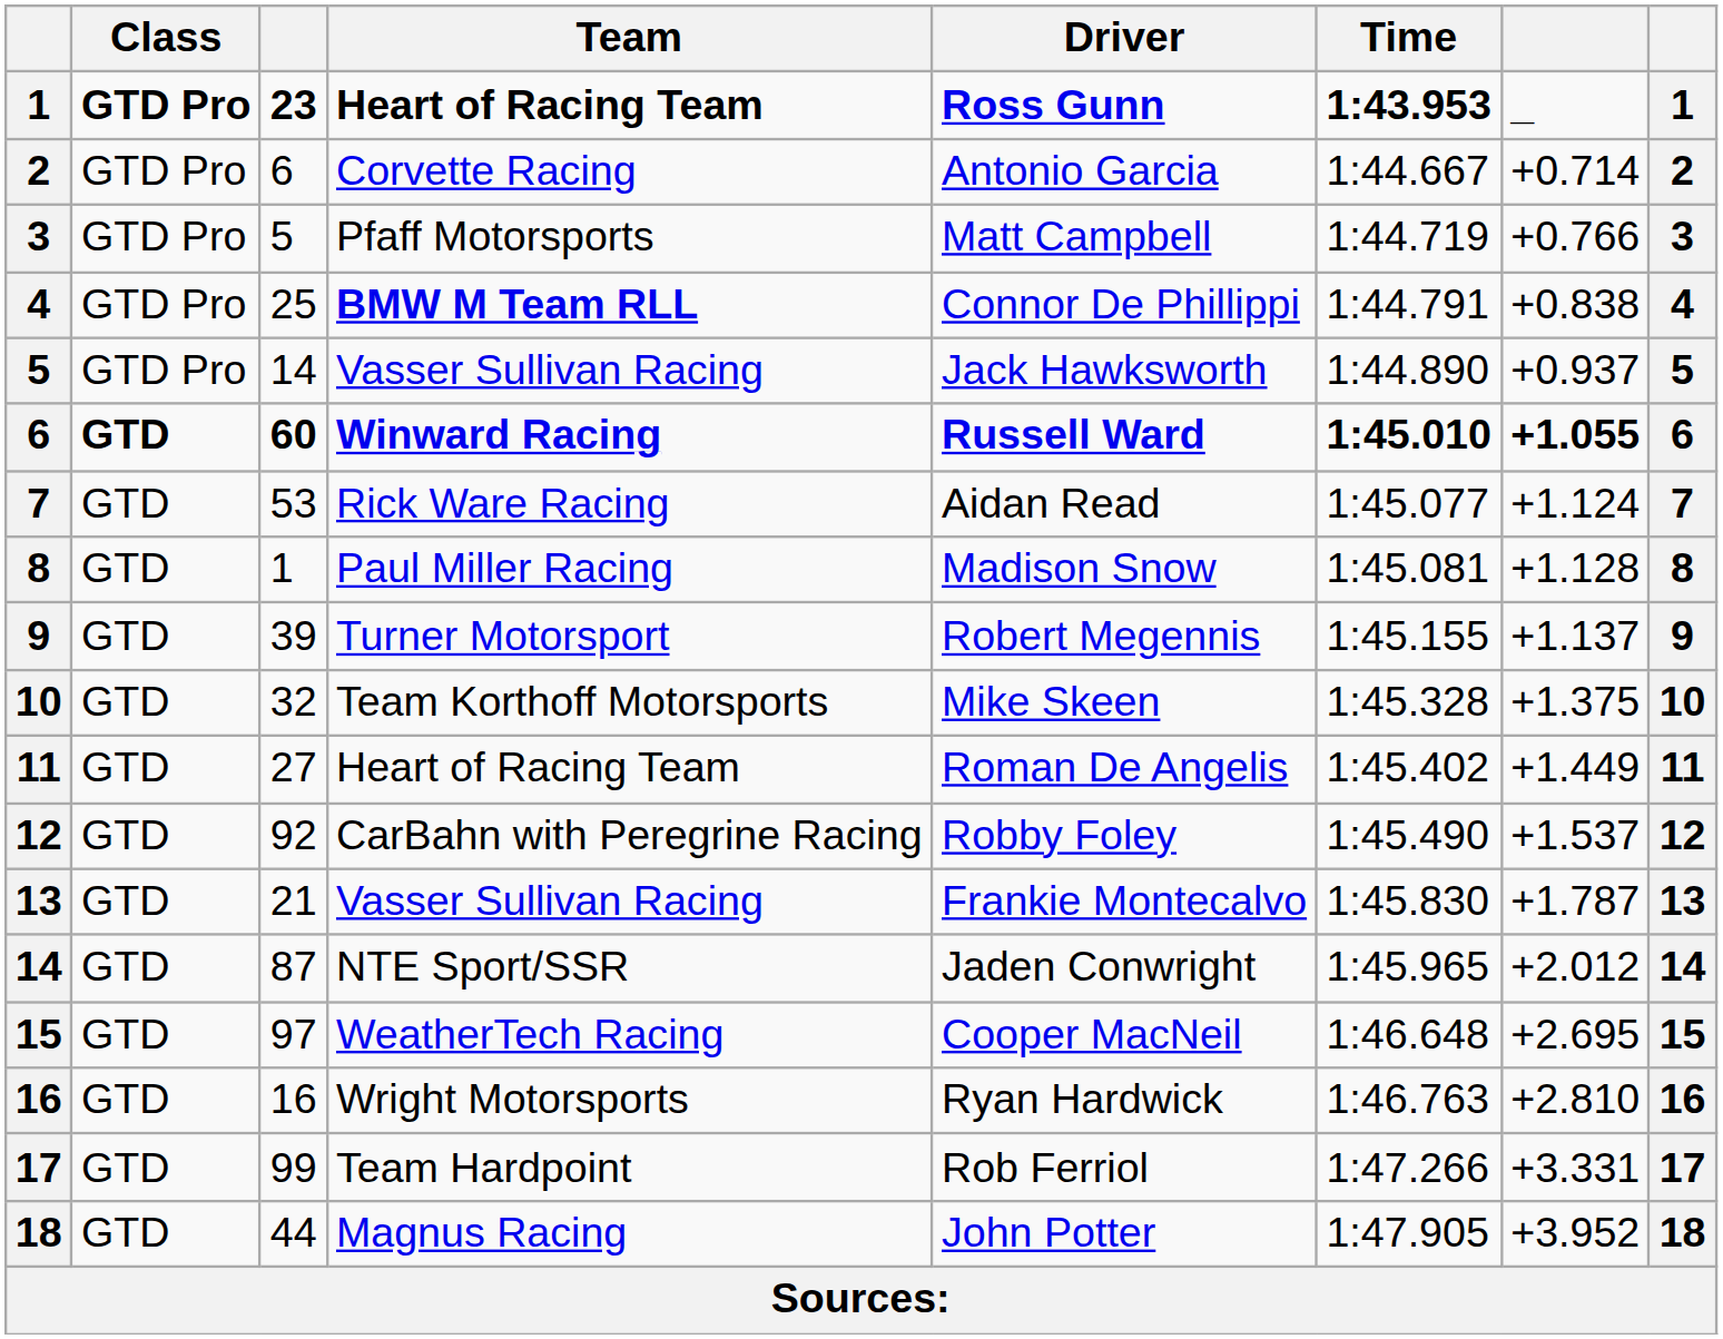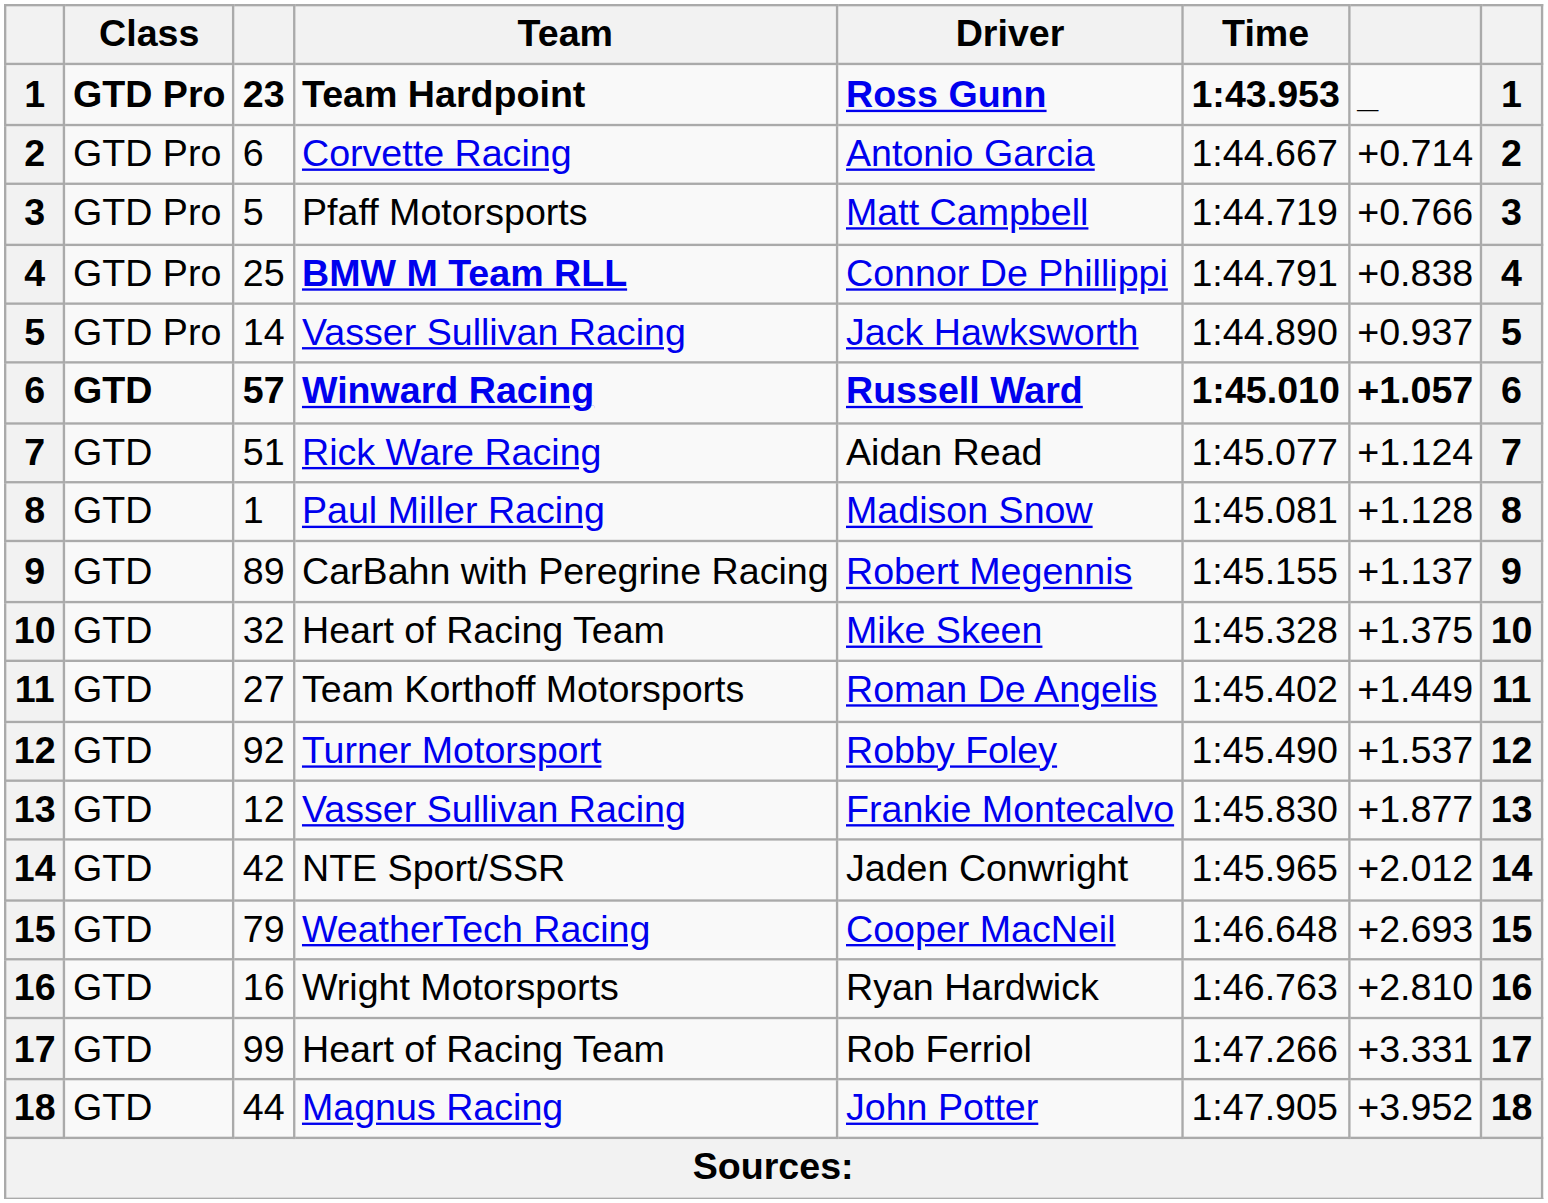 <table class="wikitable">
 <tr>
 <th scope="col"></th>
 <th scope="col">Class</th>
 <th scope="col"></th>
 <th scope="col">Team</th>
 <th scope="col">Driver</th>
 <th scope="col">Time</th>
 <th scope="col"></th>
 <th scope="col"></th>
 </tr>
 <tr style="font-weight:bold">
 <th scope="row">1</th>
 <td>GTD Pro</td>
 <td>23</td>
-<td> Heart of Racing Team</td>
+<td> Team Hardpoint</td>
 <td> <a href='#'>Ross Gunn</a></td>
 <td>1:43.953</td>
 <td>_</td>
 <th><strong>1</strong></th>
 </tr>
 <tr>
 <th scope="row">2</th>
 <td>GTD Pro</td>
 <td>6</td>
 <td> <a href='#'>Corvette Racing</a></td>
 <td> <a href='#'>Antonio Garcia</a></td>
 <td>1:44.667</td>
 <td>+0.714</td>
 <th>2</th>
 </tr>
 <tr>
 <th scope="row">3</th>
 <td>GTD Pro</td>
 <td>5</td>
 <td> Pfaff Motorsports</td>
 <td> <a href='#'>Matt Campbell</a></td>
 <td>1:44.719</td>
 <td>+0.766</td>
 <th>3</th>
 </tr>
 <tr>
 <th scope="row">4</th>
 <td>GTD Pro</td>
 <td>25</td>
 <td><strong> <a href='#'>BMW M Team RLL</a></strong></td>
 <td> <a href='#'>Connor De Phillippi</a></td>
 <td>1:44.791</td>
 <td>+0.838</td>
 <th><strong>4</strong></th>
 </tr>
 <tr>
 <th scope="row">5</th>
 <td>GTD Pro</td>
 <td>14</td>
 <td> <a href='#'>Vasser Sullivan Racing</a></td>
 <td> <a href='#'>Jack Hawksworth</a></td>
 <td>1:44.890</td>
 <td>+0.937</td>
 <th>5</th>
 </tr>
 <tr style="font-weight:bold">
 <th scope="row">6</th>
 <td>GTD</td>
-<td>60</td>
+<td>57</td>
 <td> <a href='#'>Winward Racing</a></td>
 <td> <a href='#'>Russell Ward</a></td>
 <td>1:45.010</td>
-<td>+1.055</td>
+<td>+1.057</td>
 <th>6</th>
 </tr>
 <tr>
 <th scope="row">7</th>
 <td>GTD</td>
-<td>53</td>
+<td>51</td>
 <td> <a href='#'>Rick Ware Racing</a></td>
 <td> Aidan Read</td>
 <td>1:45.077</td>
 <td>+1.124</td>
 <th>7</th>
 </tr>
 <tr>
 <th scope="row">8</th>
 <td>GTD</td>
 <td>1</td>
 <td> <a href='#'>Paul Miller Racing</a></td>
 <td> <a href='#'>Madison Snow</a></td>
 <td>1:45.081</td>
 <td>+1.128</td>
 <th><strong>8</strong></th>
 </tr>
 <tr>
 <th scope="row">9</th>
 <td>GTD</td>
-<td>39</td>
-<td> <a href='#'>Turner Motorsport</a></td>
+<td>89</td>
+<td> CarBahn with Peregrine Racing</td>
 <td> <a href='#'>Robert Megennis</a></td>
 <td>1:45.155</td>
 <td>+1.137</td>
 <th>9</th>
 </tr>
 <tr>
 <th scope="row">10</th>
 <td>GTD</td>
 <td>32</td>
-<td> Team Korthoff Motorsports</td>
+<td> Heart of Racing Team</td>
 <td> <a href='#'>Mike Skeen</a></td>
 <td>1:45.328</td>
 <td>+1.375</td>
 <th>10</th>
 </tr>
 <tr>
 <th scope="row">11</th>
 <td>GTD</td>
 <td>27</td>
-<td> Heart of Racing Team</td>
+<td> Team Korthoff Motorsports</td>
 <td> <a href='#'>Roman De Angelis</a></td>
 <td>1:45.402</td>
 <td>+1.449</td>
 <th>11</th>
 </tr>
 <tr>
 <th scope="row">12</th>
 <td>GTD</td>
 <td>92</td>
-<td> CarBahn with Peregrine Racing</td>
+<td> <a href='#'>Turner Motorsport</a></td>
 <td> <a href='#'>Robby Foley</a></td>
 <td>1:45.490</td>
 <td>+1.537</td>
 <th>12</th>
 </tr>
 <tr>
 <th scope="row">13</th>
 <td>GTD</td>
-<td>21</td>
+<td>12</td>
 <td> <a href='#'>Vasser Sullivan Racing</a></td>
 <td> <a href='#'>Frankie Montecalvo</a></td>
 <td>1:45.830</td>
-<td>+1.787</td>
+<td>+1.877</td>
 <th>13</th>
 </tr>
 <tr>
 <th scope="row">14</th>
 <td>GTD</td>
-<td>87</td>
+<td>42</td>
 <td> NTE Sport/SSR</td>
 <td> Jaden Conwright</td>
 <td>1:45.965</td>
 <td>+2.012</td>
 <th>14</th>
 </tr>
 <tr>
 <th scope="row">15</th>
 <td>GTD</td>
-<td>97</td>
+<td>79</td>
 <td> <a href='#'>WeatherTech Racing</a></td>
 <td> <a href='#'>Cooper MacNeil</a></td>
 <td>1:46.648</td>
-<td>+2.695</td>
+<td>+2.693</td>
 <th>15</th>
 </tr>
 <tr>
 <th scope="row">16</th>
 <td>GTD</td>
 <td>16</td>
 <td> Wright Motorsports</td>
 <td> Ryan Hardwick</td>
 <td>1:46.763</td>
 <td>+2.810</td>
 <th>16</th>
 </tr>
 <tr>
 <th scope="row">17</th>
 <td>GTD</td>
 <td>99</td>
-<td> Team Hardpoint</td>
+<td> Heart of Racing Team</td>
 <td> Rob Ferriol</td>
 <td>1:47.266</td>
 <td>+3.331</td>
 <th>17</th>
 </tr>
 <tr>
 <th scope="row">18</th>
 <td>GTD</td>
 <td>44</td>
 <td> <a href='#'>Magnus Racing</a></td>
 <td> <a href='#'>John Potter</a></td>
 <td>1:47.905</td>
 <td>+3.952</td>
 <th>18</th>
 </tr>
 <tr>
 <th colspan="8">Sources:</th>
 </tr>
 <tr>
 </tr>
 </table>
